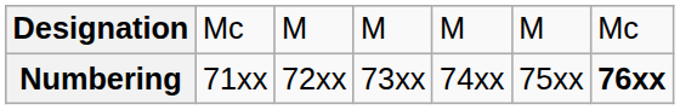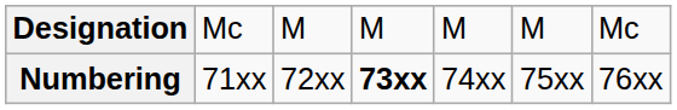 <table class="wikitable">
 <tr>
 <th>Designation</th>
 <td>Mc</td>
 <td>M</td>
 <td>M</td>
 <td>M</td>
 <td>M</td>
 <td>Mc</td>
 </tr>
 <tr>
 <th>Numbering</th>
 <td>71xx</td>
 <td>72xx</td>
-<td>73xx</td>
+<td><strong>73xx</strong></td>
 <td>74xx</td>
 <td>75xx</td>
-<td><strong>76xx</strong></td>
+<td>76xx</td>
 </tr>
 </table>
